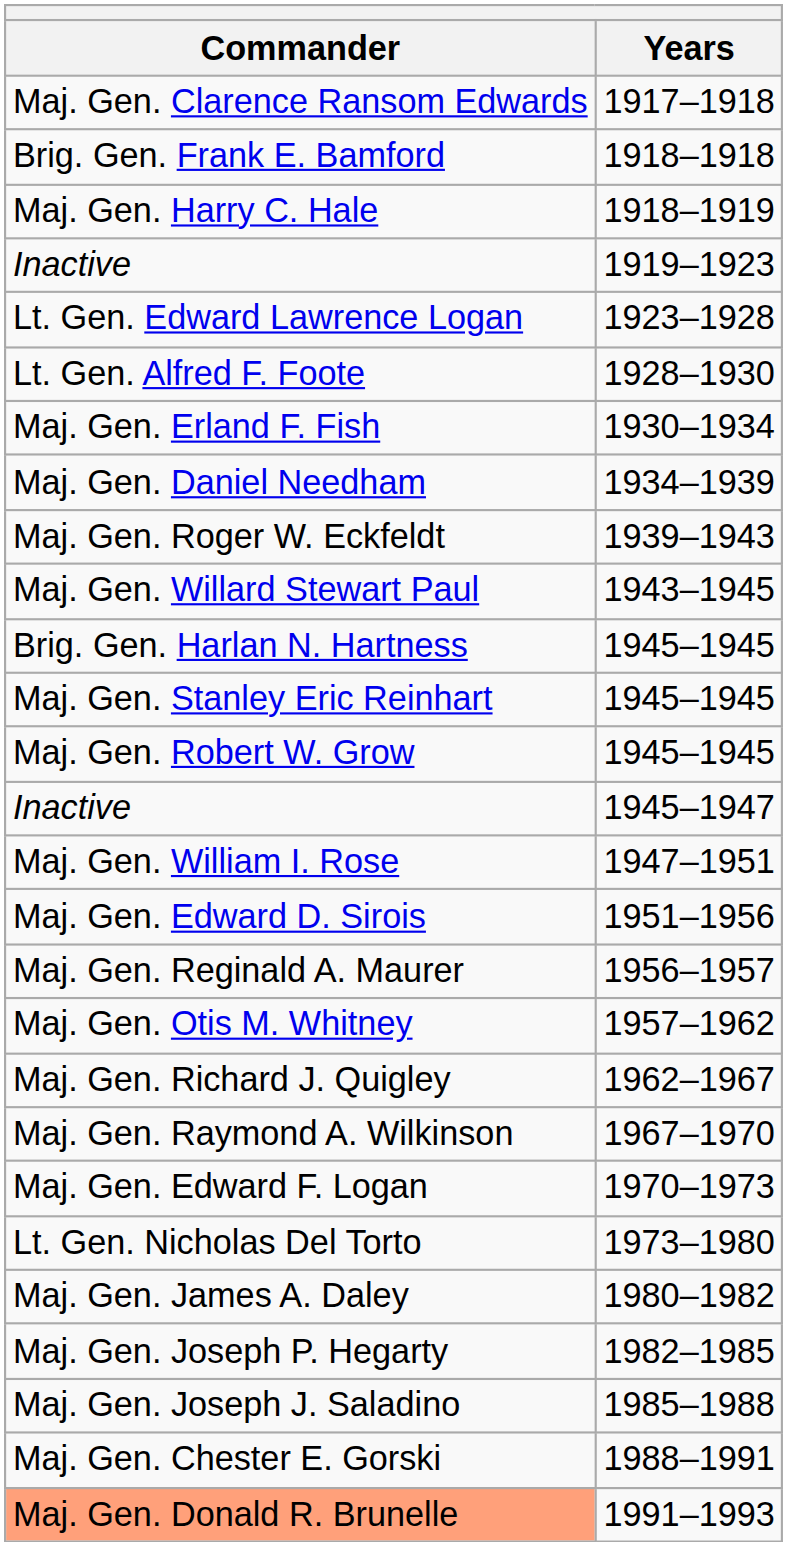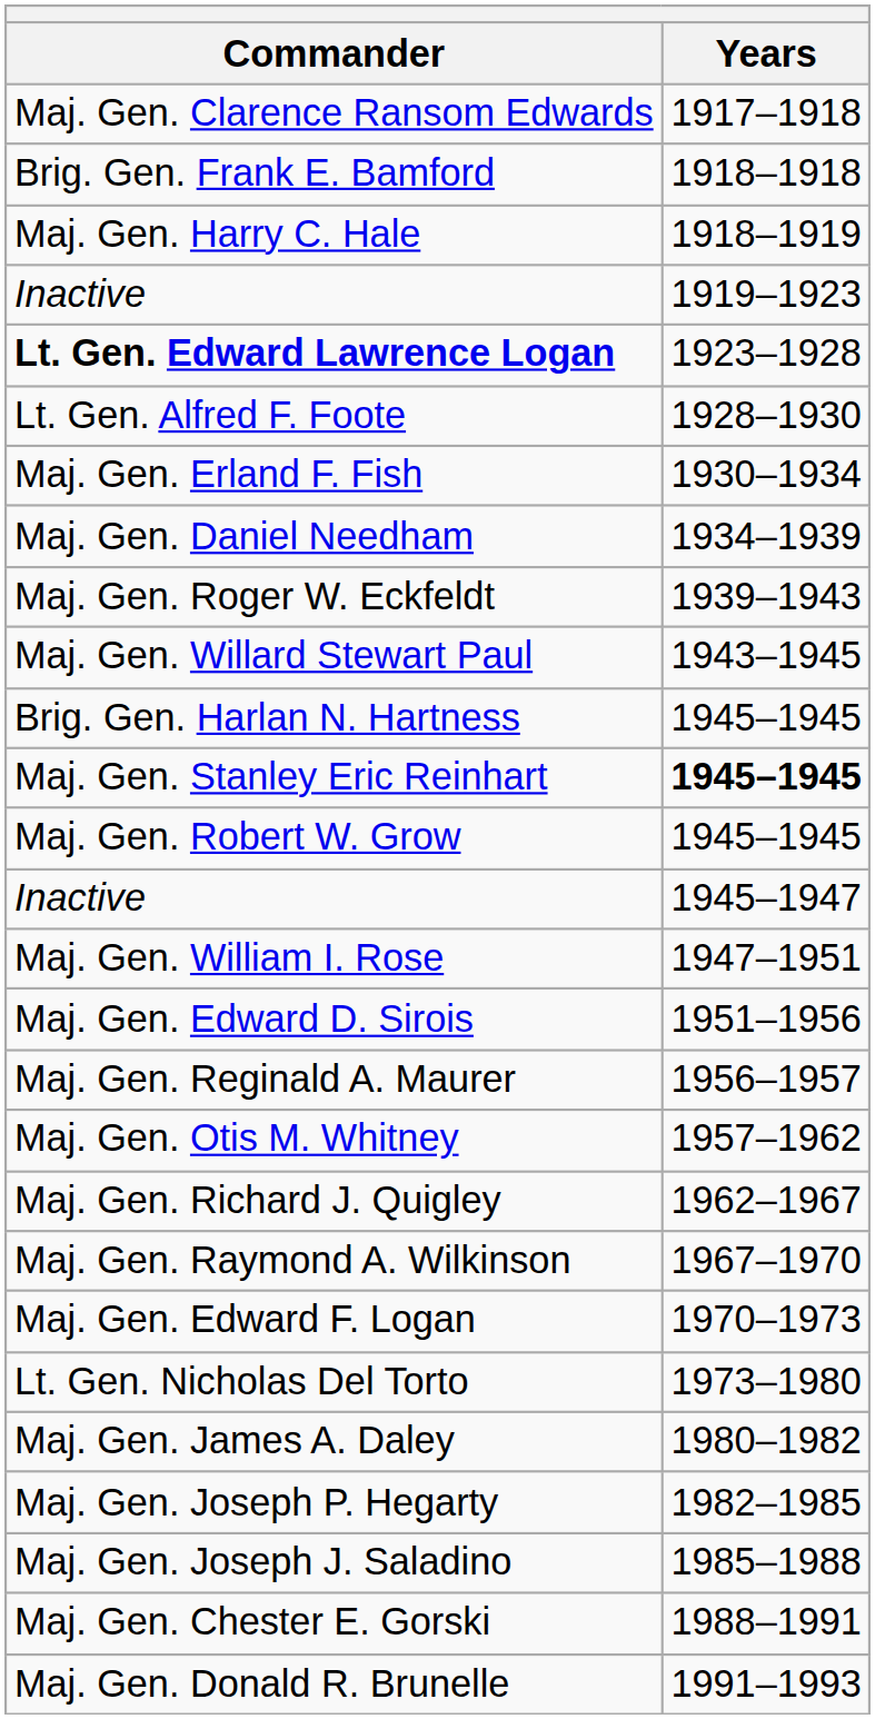 <table class="wikitable">
 <tr>
 <th colspan="3"></th>
 </tr>
 <tr>
 <th>Commander</th>
 <th>Years</th>
 </tr>
 <tr>
 <td>Maj. Gen. <a href='#'>Clarence Ransom Edwards</a></td>
 <td>1917–1918</td>
 </tr>
 <tr>
 <td>Brig. Gen. <a href='#'>Frank E. Bamford</a></td>
 <td>1918–1918</td>
 </tr>
 <tr>
 <td>Maj. Gen. <a href='#'>Harry C. Hale</a></td>
 <td>1918–1919</td>
 </tr>
 <tr>
 <td><em>Inactive</em></td>
 <td>1919–1923</td>
 </tr>
 <tr>
-<td>Lt. Gen. <a href='#'>Edward Lawrence Logan</a></td>
+<td><strong>Lt. Gen. <a href='#'>Edward Lawrence Logan</a></strong></td>
 <td>1923–1928</td>
 </tr>
 <tr>
 <td>Lt. Gen. <a href='#'>Alfred F. Foote</a></td>
 <td>1928–1930</td>
 </tr>
 <tr>
 <td>Maj. Gen. <a href='#'>Erland F. Fish</a></td>
 <td>1930–1934</td>
 </tr>
 <tr>
 <td>Maj. Gen. <a href='#'>Daniel Needham</a></td>
 <td>1934–1939</td>
 </tr>
 <tr>
 <td>Maj. Gen. Roger W. Eckfeldt</td>
 <td>1939–1943</td>
 </tr>
 <tr>
 <td>Maj. Gen. <a href='#'>Willard Stewart Paul</a></td>
 <td>1943–1945</td>
 </tr>
 <tr>
 <td>Brig. Gen. <a href='#'>Harlan N. Hartness</a></td>
 <td>1945–1945</td>
 </tr>
 <tr>
 <td>Maj. Gen. <a href='#'>Stanley Eric Reinhart</a></td>
-<td>1945–1945</td>
+<td><strong>1945–1945</strong></td>
 </tr>
 <tr>
 <td>Maj. Gen. <a href='#'>Robert W. Grow</a></td>
 <td>1945–1945</td>
 </tr>
 <tr>
 <td><em>Inactive</em></td>
 <td>1945–1947</td>
 </tr>
 <tr>
 <td>Maj. Gen. <a href='#'>William I. Rose</a></td>
 <td>1947–1951</td>
 </tr>
 <tr>
 <td>Maj. Gen. <a href='#'>Edward D. Sirois</a></td>
 <td>1951–1956</td>
 </tr>
 <tr>
 <td>Maj. Gen. Reginald A. Maurer</td>
 <td>1956–1957</td>
 </tr>
 <tr>
 <td>Maj. Gen. <a href='#'>Otis M. Whitney</a></td>
 <td>1957–1962</td>
 </tr>
 <tr>
 <td>Maj. Gen. Richard J. Quigley</td>
 <td>1962–1967</td>
 </tr>
 <tr>
 <td>Maj. Gen. Raymond A. Wilkinson</td>
 <td>1967–1970</td>
 </tr>
 <tr>
 <td>Maj. Gen. Edward F. Logan</td>
 <td>1970–1973</td>
 </tr>
 <tr>
 <td>Lt. Gen. Nicholas Del Torto</td>
 <td>1973–1980</td>
 </tr>
 <tr>
 <td>Maj. Gen. James A. Daley</td>
 <td>1980–1982</td>
 </tr>
 <tr>
 <td>Maj. Gen. Joseph P. Hegarty</td>
 <td>1982–1985</td>
 </tr>
 <tr>
 <td>Maj. Gen. Joseph J. Saladino</td>
 <td>1985–1988</td>
 </tr>
 <tr>
 <td>Maj. Gen. Chester E. Gorski</td>
 <td>1988–1991</td>
 </tr>
 <tr>
-<td style="background: lightsalmon;">Maj. Gen. Donald R. Brunelle</td>
+<td>Maj. Gen. Donald R. Brunelle</td>
 <td>1991–1993</td>
 </tr>
 </table>
